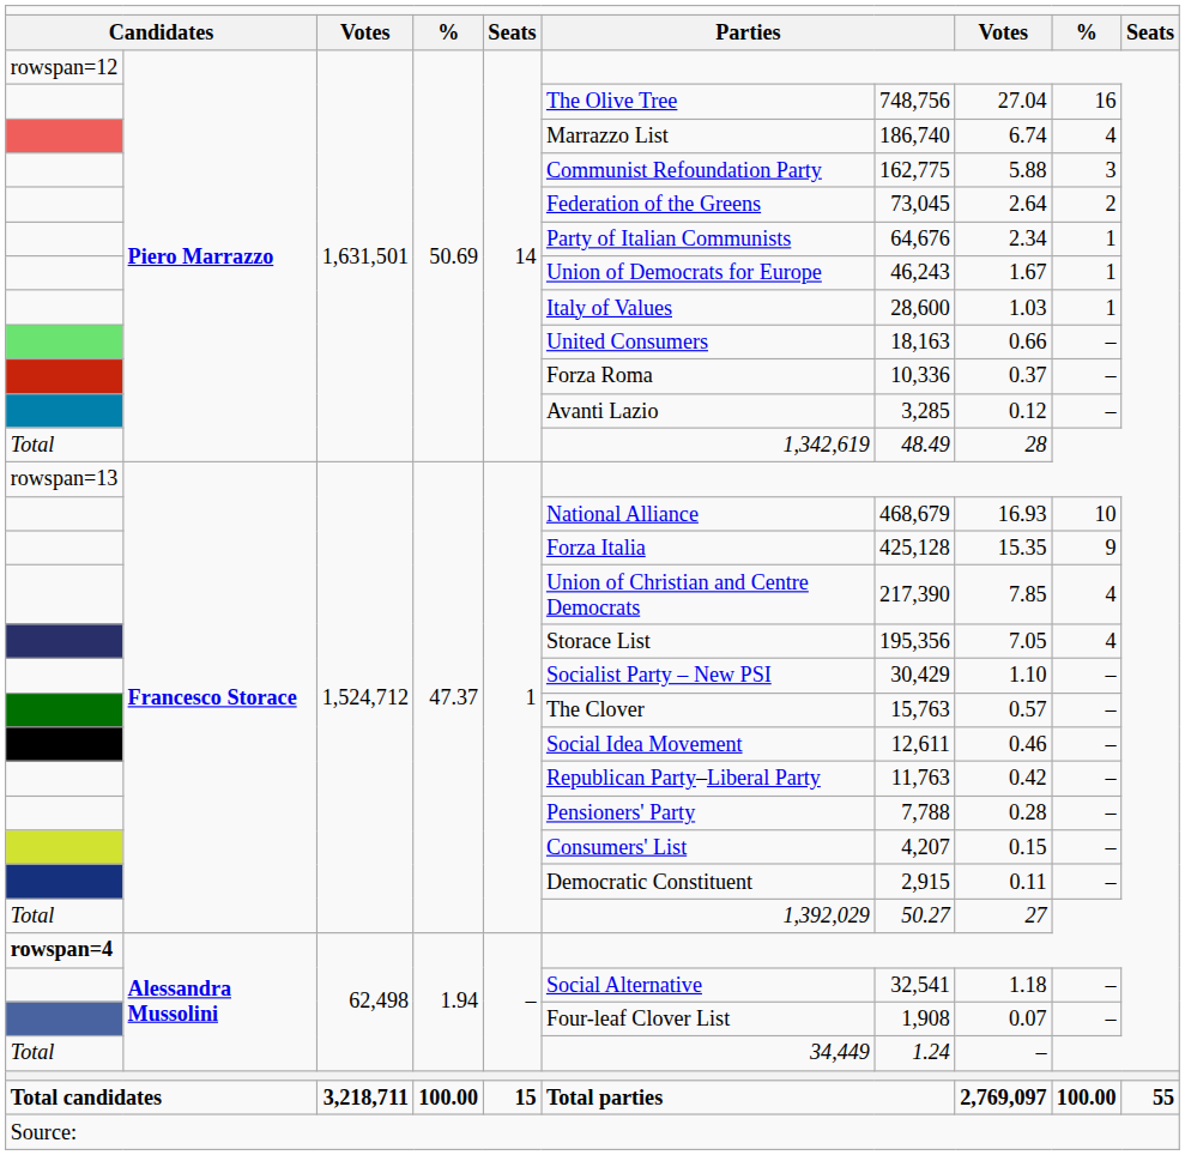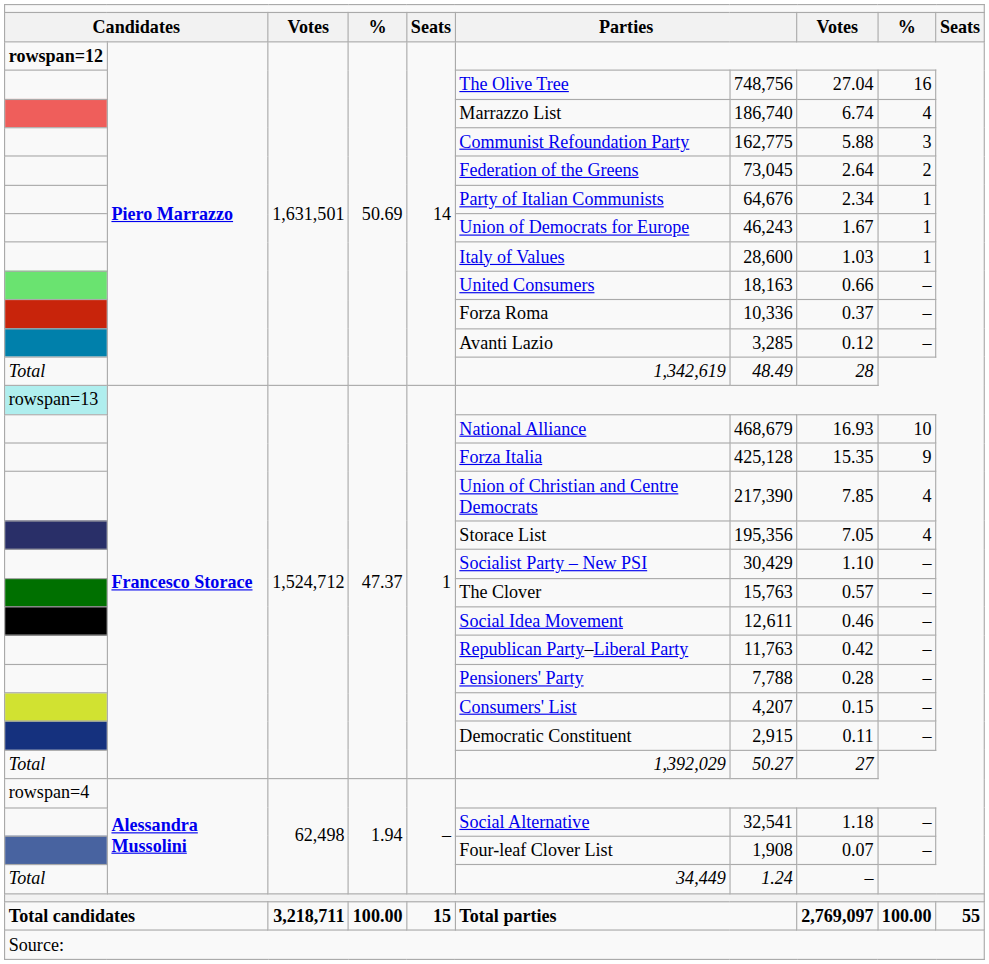 <table class="wikitable">
 <tr>
 <td colspan=10></td>
 </tr>
 <tr>
 <th colspan=2>Candidates</th>
 <th>Votes</th>
 <th>%</th>
 <th>Seats</th>
 <th colspan=2>Parties</th>
 <th>Votes</th>
 <th>%</th>
 <th>Seats</th>
 </tr>
 <tr>
-<td>rowspan=12 </td>
+<td><strong>rowspan=12 </strong></td>
 <td rowspan=12><strong><a href='#'>Piero Marrazzo</a></strong></td>
 <td rowspan=12 align=right>1,631,501</td>
 <td rowspan=12 align=right>50.69</td>
 <td rowspan=12 align=right>14</td>
 </tr>
 <tr>
 <td></td>
 <td><a href='#'>The Olive Tree</a></td>
 <td align=right>748,756</td>
 <td align=right>27.04</td>
 <td align=right>16</td>
 </tr>
 <tr>
 <td bgcolor="#EF5E5B"></td>
 <td>Marrazzo List</td>
 <td align=right>186,740</td>
 <td align=right>6.74</td>
 <td align=right>4</td>
 </tr>
 <tr>
 <td></td>
 <td><a href='#'>Communist Refoundation Party</a></td>
 <td align=right>162,775</td>
 <td align=right>5.88</td>
 <td align=right>3</td>
 </tr>
 <tr>
 <td></td>
 <td><a href='#'>Federation of the Greens</a></td>
 <td align=right>73,045</td>
 <td align=right>2.64</td>
 <td align=right>2</td>
 </tr>
 <tr>
 <td></td>
 <td><a href='#'>Party of Italian Communists</a></td>
 <td align=right>64,676</td>
 <td align=right>2.34</td>
 <td align=right>1</td>
 </tr>
 <tr>
 <td></td>
 <td><a href='#'>Union of Democrats for Europe</a></td>
 <td align=right>46,243</td>
 <td align=right>1.67</td>
 <td align=right>1</td>
 </tr>
 <tr>
 <td></td>
 <td><a href='#'>Italy of Values</a></td>
 <td align=right>28,600</td>
 <td align=right>1.03</td>
 <td align=right>1</td>
 </tr>
 <tr>
 <td bgcolor="#6AE370"></td>
 <td><a href='#'>United Consumers</a></td>
 <td align=right>18,163</td>
 <td align=right>0.66</td>
 <td align=right>–</td>
 </tr>
 <tr>
 <td bgcolor="#C8240B"></td>
 <td>Forza Roma</td>
 <td align=right>10,336</td>
 <td align=right>0.37</td>
 <td align=right>–</td>
 </tr>
 <tr>
 <td bgcolor="#0080AB"></td>
 <td>Avanti Lazio</td>
 <td align=right>3,285</td>
 <td align=right>0.12</td>
 <td align=right>–</td>
 </tr>
 <tr>
 <td colspan=2><em>Total</em></td>
 <td align=right><em>1,342,619</em></td>
 <td align=right><em>48.49</em></td>
 <td align=right><em>28</em></td>
 </tr>
 <tr>
-<td>rowspan=13 </td>
+<td style="background: paleturquoise;">rowspan=13 </td>
 <td rowspan=13><strong><a href='#'>Francesco Storace</a></strong></td>
 <td rowspan=13 align=right>1,524,712</td>
 <td rowspan=13 align=right>47.37</td>
 <td rowspan=13 align=right>1</td>
 </tr>
 <tr>
 <td></td>
 <td><a href='#'>National Alliance</a></td>
 <td align=right>468,679</td>
 <td align=right>16.93</td>
 <td align=right>10</td>
 </tr>
 <tr>
 <td></td>
 <td><a href='#'>Forza Italia</a></td>
 <td align=right>425,128</td>
 <td align=right>15.35</td>
 <td align=right>9</td>
 </tr>
 <tr>
 <td></td>
 <td><a href='#'>Union of Christian and Centre Democrats</a></td>
 <td align=right>217,390</td>
 <td align=right>7.85</td>
 <td align=right>4</td>
 </tr>
 <tr>
 <td bgcolor="#292F68 "></td>
 <td>Storace List</td>
 <td align=right>195,356</td>
 <td align=right>7.05</td>
 <td align=right>4</td>
 </tr>
 <tr>
 <td></td>
 <td><a href='#'>Socialist Party – New PSI</a></td>
 <td align=right>30,429</td>
 <td align=right>1.10</td>
 <td align=right>–</td>
 </tr>
 <tr>
 <td bgcolor="#007000 "></td>
 <td>The Clover</td>
 <td align=right>15,763</td>
 <td align=right>0.57</td>
 <td align=right>–</td>
 </tr>
 <tr>
 <td bgcolor="#000000 "></td>
 <td><a href='#'>Social Idea Movement</a></td>
 <td align=right>12,611</td>
 <td align=right>0.46</td>
 <td align=right>–</td>
 </tr>
 <tr>
 <td></td>
 <td><a href='#'>Republican Party</a>–<a href='#'>Liberal Party</a></td>
 <td align=right>11,763</td>
 <td align=right>0.42</td>
 <td align=right>–</td>
 </tr>
 <tr>
 <td></td>
 <td><a href='#'>Pensioners' Party</a></td>
 <td align=right>7,788</td>
 <td align=right>0.28</td>
 <td align=right>–</td>
 </tr>
 <tr>
 <td bgcolor="#D1E231"></td>
 <td><a href='#'>Consumers' List</a></td>
 <td align=right>4,207</td>
 <td align=right>0.15</td>
 <td align=right>–</td>
 </tr>
 <tr>
 <td bgcolor="#15317E"></td>
 <td>Democratic Constituent</td>
 <td align=right>2,915</td>
 <td align=right>0.11</td>
 <td align=right>–</td>
 </tr>
 <tr>
 <td colspan=2><em>Total</em></td>
 <td align=right><em>1,392,029</em></td>
 <td align=right><em>50.27</em></td>
 <td align=right><em>27</em></td>
 </tr>
 <tr>
-<td><strong>rowspan=4 </strong></td>
+<td>rowspan=4 </td>
 <td rowspan=4><strong><a href='#'>Alessandra Mussolini</a></strong></td>
 <td rowspan=4 align=right>62,498</td>
 <td rowspan=4 align=right>1.94</td>
 <td rowspan=4 align=right>–</td>
 </tr>
 <tr>
 <td></td>
 <td><a href='#'>Social Alternative</a></td>
 <td align=right>32,541</td>
 <td align=right>1.18</td>
 <td align=right>–</td>
 </tr>
 <tr>
 <td bgcolor="#4863A0"></td>
 <td>Four-leaf Clover List</td>
 <td align=right>1,908</td>
 <td align=right>0.07</td>
 <td align=right>–</td>
 </tr>
 <tr>
 <td colspan=2><em>Total</em></td>
 <td align=right><em>34,449</em></td>
 <td align=right><em>1.24</em></td>
 <td align=right><em>–</em></td>
 </tr>
 <tr>
 <th colspan=10></th>
 </tr>
 <tr>
 <td colspan=2><strong>Total candidates</strong></td>
 <td align=right><strong>3,218,711</strong></td>
 <td align=right><strong>100.00</strong></td>
 <td align=right><strong>15</strong></td>
 <td colspan=2><strong>Total parties</strong></td>
 <td align=right><strong>2,769,097</strong></td>
 <td align=right><strong>100.00</strong></td>
 <td align=right><strong>55</strong></td>
 </tr>
 <tr>
 <td colspan=10>Source: </td>
 </tr>
 </table>
